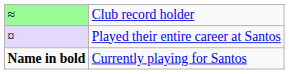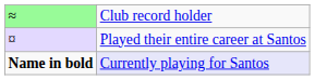 <table class="wikitable" 90%;>
 <tr>
 <td style="background:#98fb98;"><div></div>≈</td>
 <td><a href='#'>Club record holder</a></td>
 </tr>
 <tr>
 <td style="background:#e3d9ff;"><div></div>¤</td>
 <td><a href='#'>Played their entire career at Santos</a></td>
 </tr>
 <tr>
 <td><strong>Name in bold</strong></td>
-<td><a href='#'>Currently playing for Santos</a></td>
+<td style="background: lavender;"><a href='#'>Currently playing for Santos</a></td>
 </tr>
 </table>
